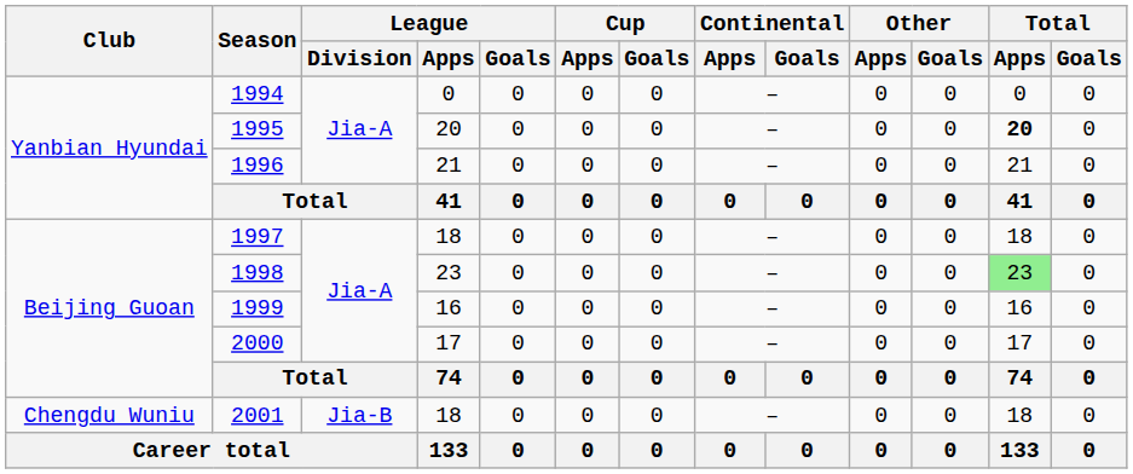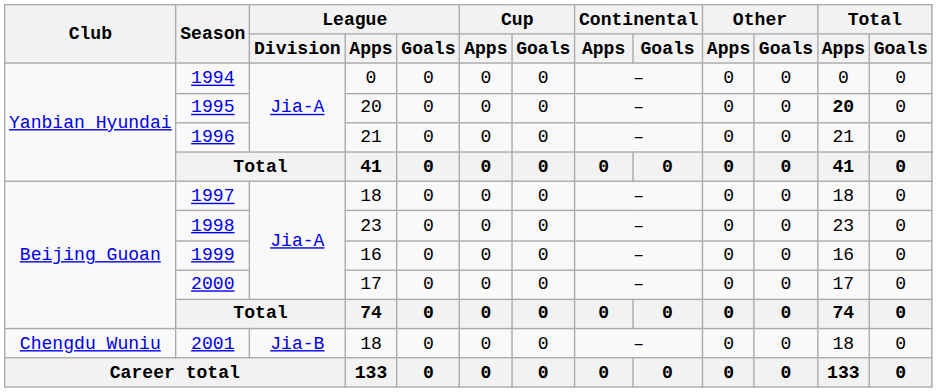 <table class="wikitable" style="text-align: center">
 <tr>
 <th rowspan="2">Club</th>
 <th rowspan="2">Season</th>
 <th colspan="3">League</th>
 <th colspan="2">Cup</th>
 <th colspan="2">Continental</th>
 <th colspan="2">Other</th>
 <th colspan="2">Total</th>
 </tr>
 <tr>
 <th>Division</th>
 <th>Apps</th>
 <th>Goals</th>
 <th>Apps</th>
 <th>Goals</th>
 <th>Apps</th>
 <th>Goals</th>
 <th>Apps</th>
 <th>Goals</th>
 <th>Apps</th>
 <th>Goals</th>
 </tr>
 <tr>
 <td rowspan="4"><a href='#'>Yanbian Hyundai</a></td>
 <td><a href='#'>1994</a></td>
 <td rowspan="3"><a href='#'>Jia-A</a></td>
 <td>0</td>
 <td>0</td>
 <td>0</td>
 <td>0</td>
 <td colspan="2">–</td>
 <td>0</td>
 <td>0</td>
 <td>0</td>
 <td>0</td>
 </tr>
 <tr>
 <td><a href='#'>1995</a></td>
 <td>20</td>
 <td>0</td>
 <td>0</td>
 <td>0</td>
 <td colspan="2">–</td>
 <td>0</td>
 <td>0</td>
 <td><strong>20</strong></td>
 <td>0</td>
 </tr>
 <tr>
 <td><a href='#'>1996</a></td>
 <td>21</td>
 <td>0</td>
 <td>0</td>
 <td>0</td>
 <td colspan="2">–</td>
 <td>0</td>
 <td>0</td>
 <td>21</td>
 <td>0</td>
 </tr>
 <tr>
 <th colspan=2>Total</th>
 <th>41</th>
 <th>0</th>
 <th>0</th>
 <th>0</th>
 <th>0</th>
 <th>0</th>
 <th>0</th>
 <th>0</th>
 <th>41</th>
 <th>0</th>
 </tr>
 <tr>
 <td rowspan="5"><a href='#'>Beijing Guoan</a></td>
 <td><a href='#'>1997</a></td>
 <td rowspan="4"><a href='#'>Jia-A</a></td>
 <td>18</td>
 <td>0</td>
 <td>0</td>
 <td>0</td>
 <td colspan="2">–</td>
 <td>0</td>
 <td>0</td>
 <td>18</td>
 <td>0</td>
 </tr>
 <tr>
 <td><a href='#'>1998</a></td>
 <td>23</td>
 <td>0</td>
 <td>0</td>
 <td>0</td>
 <td colspan="2">–</td>
 <td>0</td>
 <td>0</td>
-<td style="background: lightgreen;">23</td>
+<td>23</td>
 <td>0</td>
 </tr>
 <tr>
 <td><a href='#'>1999</a></td>
 <td>16</td>
 <td>0</td>
 <td>0</td>
 <td>0</td>
 <td colspan="2">–</td>
 <td>0</td>
 <td>0</td>
 <td>16</td>
 <td>0</td>
 </tr>
 <tr>
 <td><a href='#'>2000</a></td>
 <td>17</td>
 <td>0</td>
 <td>0</td>
 <td>0</td>
 <td colspan="2">–</td>
 <td>0</td>
 <td>0</td>
 <td>17</td>
 <td>0</td>
 </tr>
 <tr>
 <th colspan=2>Total</th>
 <th>74</th>
 <th>0</th>
 <th>0</th>
 <th>0</th>
 <th>0</th>
 <th>0</th>
 <th>0</th>
 <th>0</th>
 <th>74</th>
 <th>0</th>
 </tr>
 <tr>
 <td><a href='#'>Chengdu Wuniu</a></td>
 <td><a href='#'>2001</a></td>
 <td><a href='#'>Jia-B</a></td>
 <td>18</td>
 <td>0</td>
 <td>0</td>
 <td>0</td>
 <td colspan="2">–</td>
 <td>0</td>
 <td>0</td>
 <td>18</td>
 <td>0</td>
 </tr>
 <tr>
 <th colspan=3>Career total</th>
 <th>133</th>
 <th>0</th>
 <th>0</th>
 <th>0</th>
 <th>0</th>
 <th>0</th>
 <th>0</th>
 <th>0</th>
 <th>133</th>
 <th>0</th>
 </tr>
 </table>
